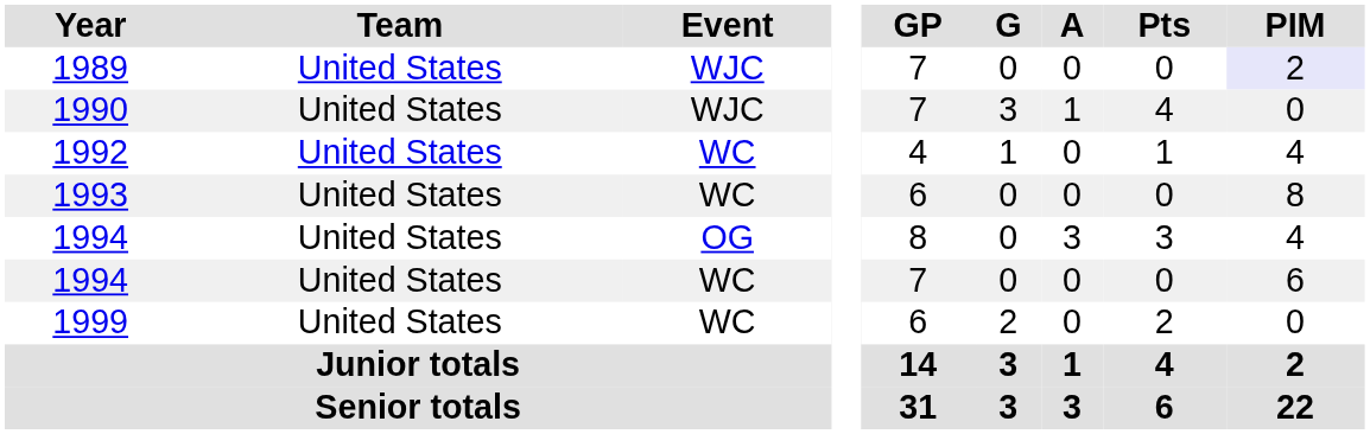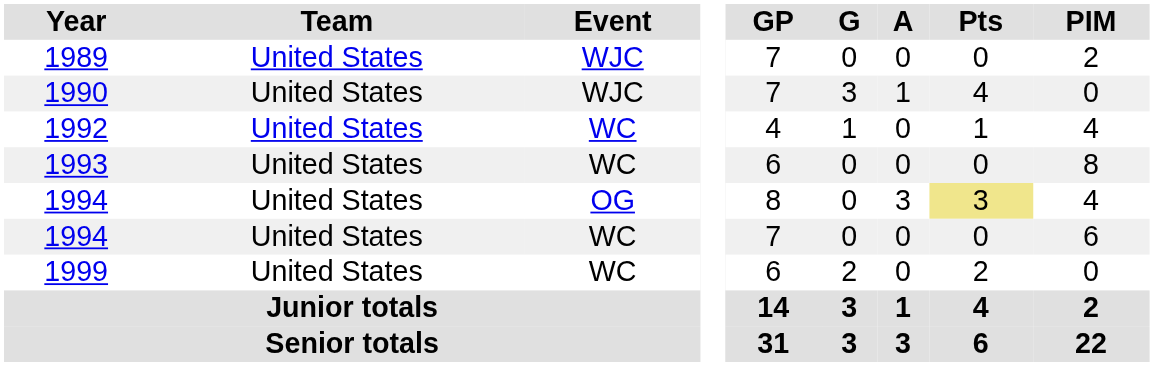 <table border="0" cellpadding="1" cellspacing="0" style="text-align:center; width:40em">
 <tr ALIGN="center" bgcolor="#e0e0e0">
 <th>Year</th>
 <th>Team</th>
 <th>Event</th>
 <th rowspan="99" bgcolor="#ffffff"> </th>
 <th>GP</th>
 <th>G</th>
 <th>A</th>
 <th>Pts</th>
 <th>PIM</th>
 </tr>
 <tr>
 <td><a href='#'>1989</a></td>
 <td><a href='#'>United States</a></td>
 <td><a href='#'>WJC</a></td>
 <td>7</td>
 <td>0</td>
 <td>0</td>
 <td>0</td>
-<td style="background: lavender;">2</td>
+<td>2</td>
 </tr>
 <tr bgcolor="#f0f0f0">
 <td><a href='#'>1990</a></td>
 <td>United States</td>
 <td>WJC</td>
 <td>7</td>
 <td>3</td>
 <td>1</td>
 <td>4</td>
 <td>0</td>
 </tr>
 <tr>
 <td><a href='#'>1992</a></td>
 <td><a href='#'>United States</a></td>
 <td><a href='#'>WC</a></td>
 <td>4</td>
 <td>1</td>
 <td>0</td>
 <td>1</td>
 <td>4</td>
 </tr>
 <tr bgcolor="#f0f0f0">
 <td><a href='#'>1993</a></td>
 <td>United States</td>
 <td>WC</td>
 <td>6</td>
 <td>0</td>
 <td>0</td>
 <td>0</td>
 <td>8</td>
 </tr>
 <tr>
 <td><a href='#'>1994</a></td>
 <td>United States</td>
 <td><a href='#'>OG</a></td>
 <td>8</td>
 <td>0</td>
 <td>3</td>
-<td>3</td>
+<td style="background: khaki;">3</td>
 <td>4</td>
 </tr>
 <tr bgcolor="#f0f0f0">
 <td><a href='#'>1994</a></td>
 <td>United States</td>
 <td>WC</td>
 <td>7</td>
 <td>0</td>
 <td>0</td>
 <td>0</td>
 <td>6</td>
 </tr>
 <tr>
 <td><a href='#'>1999</a></td>
 <td>United States</td>
 <td>WC</td>
 <td>6</td>
 <td>2</td>
 <td>0</td>
 <td>2</td>
 <td>0</td>
 </tr>
 <tr bgcolor="#e0e0e0">
 <th colspan="3">Junior totals</th>
 <th>14</th>
 <th>3</th>
 <th>1</th>
 <th>4</th>
 <th>2</th>
 </tr>
 <tr bgcolor="#e0e0e0">
 <th colspan="3">Senior totals</th>
 <th>31</th>
 <th>3</th>
 <th>3</th>
 <th>6</th>
 <th>22</th>
 </tr>
 </table>
